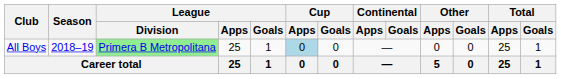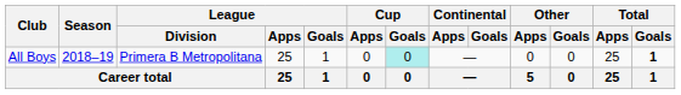 <table class="wikitable" style="text-align:center">
 <tr>
 <th rowspan="2">Club</th>
 <th rowspan="2">Season</th>
 <th colspan="3">League</th>
 <th colspan="2">Cup</th>
 <th colspan="2">Continental</th>
 <th colspan="2">Other</th>
 <th colspan="2">Total</th>
 </tr>
 <tr>
 <th>Division</th>
 <th>Apps</th>
 <th>Goals</th>
 <th>Apps</th>
 <th>Goals</th>
 <th>Apps</th>
 <th>Goals</th>
 <th>Apps</th>
 <th>Goals</th>
 <th>Apps</th>
 <th>Goals</th>
 </tr>
 <tr>
 <td rowspan="1"><a href='#'>All Boys</a></td>
 <td><a href='#'>2018–19</a></td>
-<td rowspan="1" style="background: lightgreen;"><a href='#'>Primera B Metropolitana</a></td>
+<td rowspan="1"><a href='#'>Primera B Metropolitana</a></td>
 <td>25</td>
 <td>1</td>
-<td style="background: lightblue;">0</td>
 <td>0</td>
+<td style="background: paleturquoise;">0</td>
 <td colspan="2">—</td>
 <td>0</td>
 <td>0</td>
 <td>25</td>
-<td>1</td>
+<td><strong>1</strong></td>
 </tr>
 <tr>
 <th colspan="3">Career total</th>
 <th>25</th>
 <th>1</th>
 <th>0</th>
 <th>0</th>
 <th colspan="2">—</th>
 <th>5</th>
 <th>0</th>
 <th>25</th>
 <th>1</th>
 </tr>
 </table>
